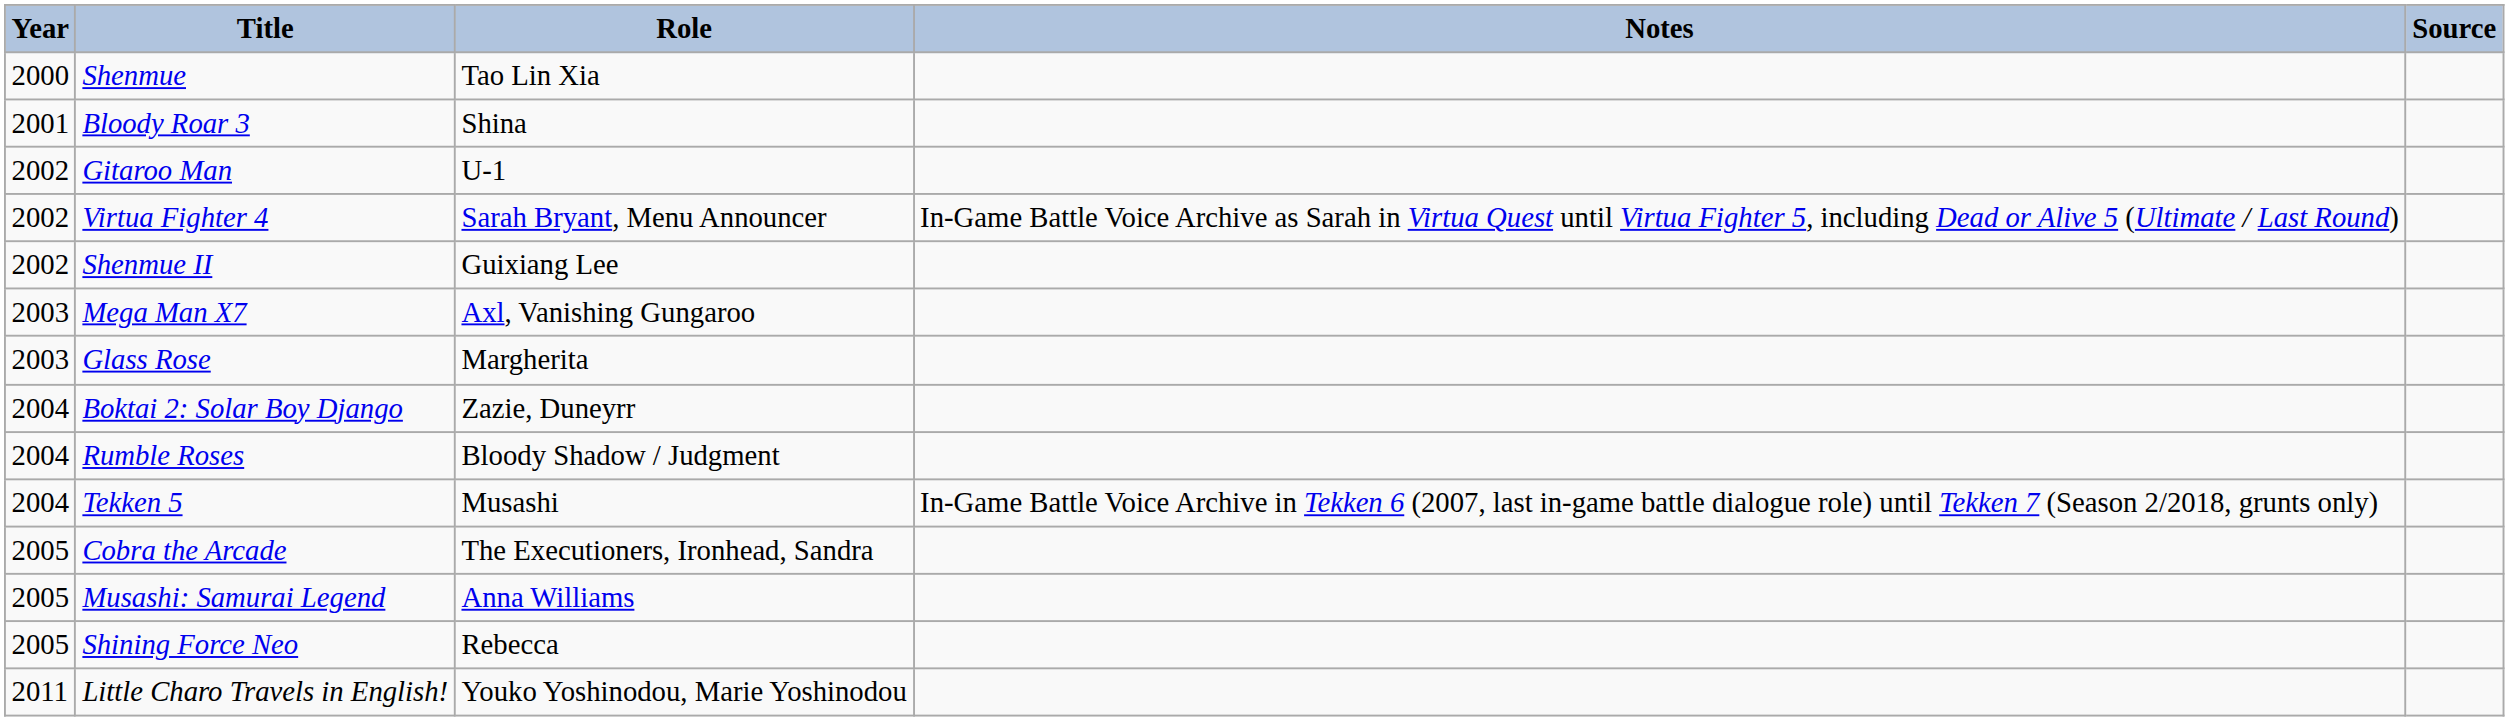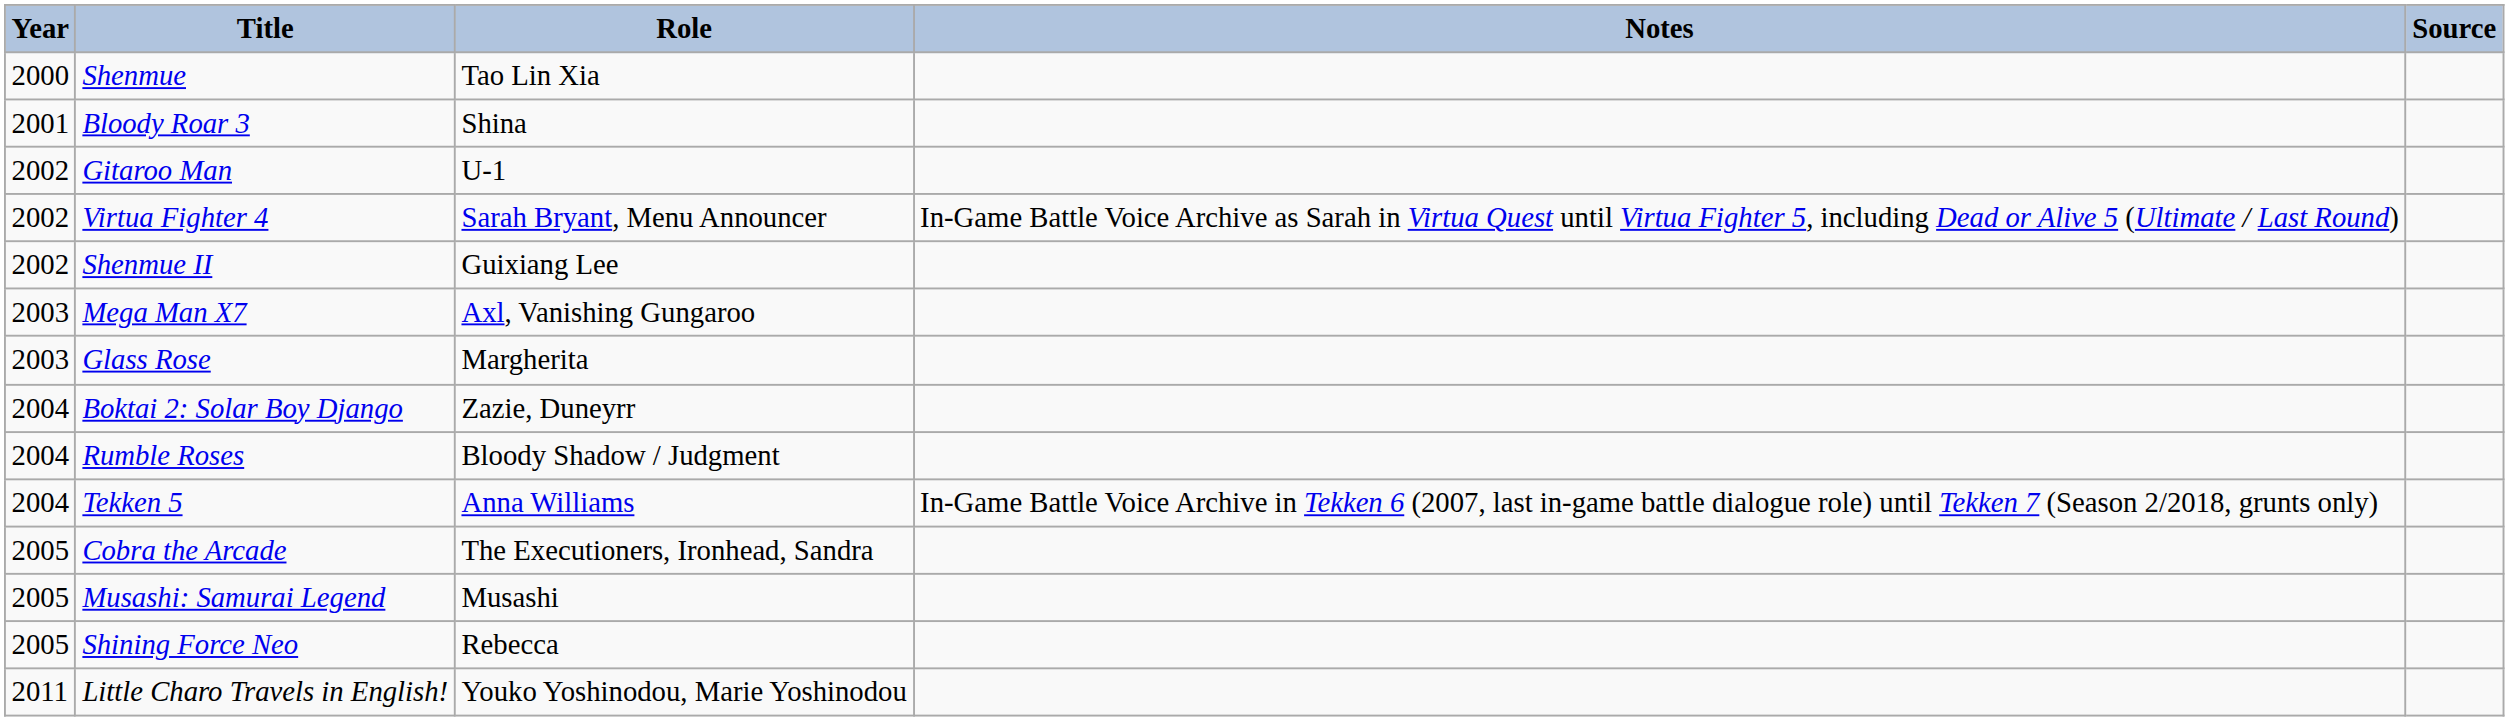 <table class="wikitable sortable plainrowheaders" style="width=95%;  font-size: 95%;">
 <tr>
 <th style="background:#b0c4de">Year</th>
 <th style="background:#b0c4de">Title</th>
 <th style="background:#b0c4de">Role</th>
 <th style="background:#b0c4de">Notes</th>
 <th style="background:#b0c4de">Source</th>
 </tr>
 <tr>
 <td>2000</td>
 <td><em><a href='#'>Shenmue</a></em></td>
 <td>Tao Lin Xia</td>
 <td></td>
 <td></td>
 </tr>
 <tr>
 <td>2001</td>
 <td><em><a href='#'>Bloody Roar 3</a></em></td>
 <td>Shina</td>
 <td></td>
 <td></td>
 </tr>
 <tr>
 <td>2002</td>
 <td><em><a href='#'>Gitaroo Man</a></em></td>
 <td>U-1</td>
 <td></td>
 <td></td>
 </tr>
 <tr>
 <td>2002</td>
 <td><em><a href='#'>Virtua Fighter 4</a></em></td>
 <td><a href='#'>Sarah Bryant</a>, Menu Announcer</td>
 <td>In-Game Battle Voice Archive as Sarah in <em><a href='#'>Virtua Quest</a></em> until <em><a href='#'>Virtua Fighter 5</a></em>, including <em><a href='#'>Dead or Alive 5</a></em> (<em><a href='#'>Ultimate</a> / <a href='#'>Last Round</a></em>)</td>
 <td></td>
 </tr>
 <tr>
 <td>2002</td>
 <td><em><a href='#'>Shenmue II</a></em></td>
 <td>Guixiang Lee</td>
 <td></td>
 <td></td>
 </tr>
 <tr>
 <td>2003</td>
 <td><em><a href='#'>Mega Man X7</a></em></td>
 <td><a href='#'>Axl</a>, Vanishing Gungaroo</td>
 <td></td>
 <td></td>
 </tr>
 <tr>
 <td>2003</td>
 <td><em><a href='#'>Glass Rose</a></em></td>
 <td>Margherita</td>
 <td></td>
 <td></td>
 </tr>
 <tr>
 <td>2004</td>
 <td><em><a href='#'>Boktai 2: Solar Boy Django</a></em></td>
 <td>Zazie, Duneyrr</td>
 <td></td>
 <td></td>
 </tr>
 <tr>
 <td>2004</td>
 <td><em><a href='#'>Rumble Roses</a></em></td>
 <td>Bloody Shadow / Judgment</td>
 <td></td>
 <td></td>
 </tr>
 <tr>
 <td>2004</td>
 <td><em><a href='#'>Tekken 5</a></em></td>
-<td>Musashi</td>
+<td><a href='#'>Anna Williams</a></td>
 <td>In-Game Battle Voice Archive in <em><a href='#'>Tekken 6</a></em> (2007, last in-game battle dialogue role) until <em><a href='#'>Tekken 7</a></em> (Season 2/2018, grunts only)</td>
 <td></td>
 </tr>
 <tr>
 <td>2005</td>
 <td><em><a href='#'>Cobra the Arcade</a></em></td>
 <td>The Executioners, Ironhead, Sandra</td>
 <td></td>
 <td></td>
 </tr>
 <tr>
 <td>2005</td>
 <td><em><a href='#'>Musashi: Samurai Legend</a></em></td>
-<td><a href='#'>Anna Williams</a></td>
+<td>Musashi</td>
 <td></td>
 <td></td>
 </tr>
 <tr>
 <td>2005</td>
 <td><em><a href='#'>Shining Force Neo</a></em></td>
 <td>Rebecca</td>
 <td></td>
 <td></td>
 </tr>
 <tr>
 <td>2011</td>
 <td><em>Little Charo Travels in English!</em></td>
 <td>Youko Yoshinodou, Marie Yoshinodou</td>
 <td></td>
 <td></td>
 </tr>
 </table>
